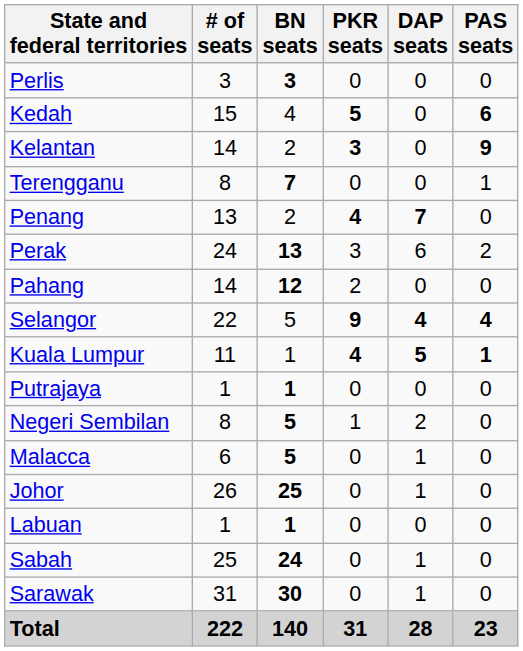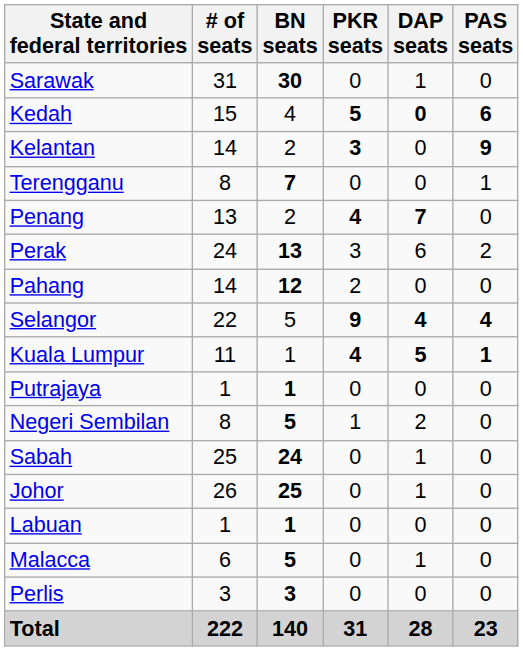 <table class="wikitable sortable" style="text-align:center">
 <tr>
 <th>State and<br>federal territories</th>
 <th># of<br>seats</th>
 <th>BN<br>seats</th>
 <th>PKR<br>seats</th>
 <th>DAP<br>seats</th>
 <th>PAS<br>seats</th>
 </tr>
 <tr>
-<td style="text-align:left"> <a href='#'>Perlis</a></td>
-<td>3</td>
-<td><strong>3</strong></td>
+<td style="text-align:left"> <a href='#'>Sarawak</a></td>
+<td>31</td>
+<td><strong>30</strong></td>
 <td>0</td>
-<td>0</td>
+<td>1</td>
 <td>0</td>
 </tr>
 <tr>
 <td style="text-align:left"> <a href='#'>Kedah</a></td>
 <td>15</td>
 <td>4</td>
 <td><strong>5</strong></td>
-<td>0</td>
+<td><strong>0</strong></td>
 <td><strong>6</strong></td>
 </tr>
 <tr>
 <td style="text-align:left"> <a href='#'>Kelantan</a></td>
 <td>14</td>
 <td>2</td>
 <td><strong>3</strong></td>
 <td>0</td>
 <td><strong>9</strong></td>
 </tr>
 <tr>
 <td style="text-align:left"> <a href='#'>Terengganu</a></td>
 <td>8</td>
 <td><strong>7</strong></td>
 <td>0</td>
 <td>0</td>
 <td>1</td>
 </tr>
 <tr>
 <td style="text-align:left"> <a href='#'>Penang</a></td>
 <td>13</td>
 <td>2</td>
 <td><strong>4</strong></td>
 <td><strong>7</strong></td>
 <td>0</td>
 </tr>
 <tr>
 <td style="text-align:left"> <a href='#'>Perak</a></td>
 <td>24</td>
 <td><strong>13</strong></td>
 <td>3</td>
 <td>6</td>
 <td>2</td>
 </tr>
 <tr>
 <td style="text-align:left"> <a href='#'>Pahang</a></td>
 <td>14</td>
 <td><strong>12</strong></td>
 <td>2</td>
 <td>0</td>
 <td>0</td>
 </tr>
 <tr>
 <td style="text-align:left"> <a href='#'>Selangor</a></td>
 <td>22</td>
 <td>5</td>
 <td><strong>9</strong></td>
 <td><strong>4</strong></td>
 <td><strong>4</strong></td>
 </tr>
 <tr>
 <td style="text-align:left"> <a href='#'>Kuala Lumpur</a></td>
 <td>11</td>
 <td>1</td>
 <td><strong>4</strong></td>
 <td><strong>5</strong></td>
 <td><strong>1</strong></td>
 </tr>
 <tr>
 <td style="text-align:left"> <a href='#'>Putrajaya</a></td>
 <td>1</td>
 <td><strong>1</strong></td>
 <td>0</td>
 <td>0</td>
 <td>0</td>
 </tr>
 <tr>
 <td style="text-align:left"> <a href='#'>Negeri Sembilan</a></td>
 <td>8</td>
 <td><strong>5</strong></td>
 <td>1</td>
 <td>2</td>
 <td>0</td>
 </tr>
 <tr>
-<td style="text-align:left"> <a href='#'>Malacca</a></td>
-<td>6</td>
-<td><strong>5</strong></td>
+<td style="text-align:left"> <a href='#'>Sabah</a></td>
+<td>25</td>
+<td><strong>24</strong></td>
 <td>0</td>
 <td>1</td>
 <td>0</td>
 </tr>
 <tr>
 <td style="text-align:left"> <a href='#'>Johor</a></td>
 <td>26</td>
 <td><strong>25</strong></td>
 <td>0</td>
 <td>1</td>
 <td>0</td>
 </tr>
 <tr>
 <td style="text-align:left"> <a href='#'>Labuan</a></td>
 <td>1</td>
 <td><strong>1</strong></td>
 <td>0</td>
 <td>0</td>
 <td>0</td>
 </tr>
 <tr>
-<td style="text-align:left"> <a href='#'>Sabah</a></td>
-<td>25</td>
-<td><strong>24</strong></td>
+<td style="text-align:left"> <a href='#'>Malacca</a></td>
+<td>6</td>
+<td><strong>5</strong></td>
 <td>0</td>
 <td>1</td>
 <td>0</td>
 </tr>
 <tr>
-<td style="text-align:left"> <a href='#'>Sarawak</a></td>
-<td>31</td>
-<td><strong>30</strong></td>
+<td style="text-align:left"> <a href='#'>Perlis</a></td>
+<td>3</td>
+<td><strong>3</strong></td>
 <td>0</td>
-<td>1</td>
+<td>0</td>
 <td>0</td>
 </tr>
 <tr class="sortbottom" bgcolor="lightgrey">
 <td style="text-align:left"><strong>Total</strong></td>
 <td><strong>222</strong></td>
 <td><span><strong>140</strong></span></td>
 <td><span><strong>31</strong></span></td>
 <td><span><strong>28</strong></span></td>
 <td><span><strong>23</strong></span></td>
 </tr>
 </table>
